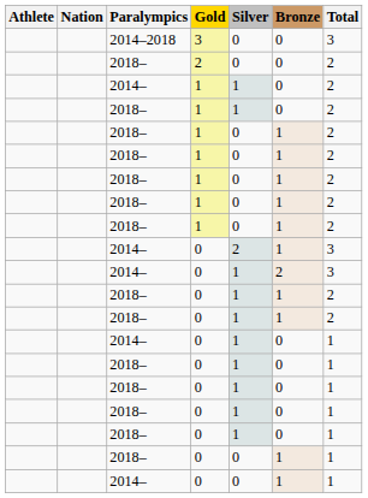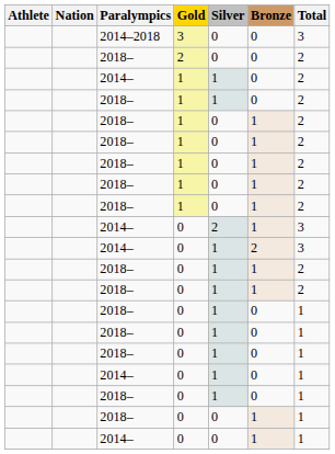 <table class="wikitable sortable">
 <tr>
 <th>Athlete</th>
 <th>Nation</th>
 <th>Paralympics</th>
 <th style="background-color: gold">Gold</th>
 <th style="background-color: silver">Silver</th>
 <th style="background-color: #cc9966">Bronze</th>
 <th>Total</th>
 </tr>
 <tr>
 <td></td>
 <td></td>
 <td>2014–2018</td>
 <td style="background-color: #f7f6a8;">3</td>
 <td>0</td>
 <td>0</td>
 <td>3</td>
 </tr>
 <tr>
 <td></td>
 <td></td>
 <td>2018–</td>
 <td style="background-color: #f7f6a8;">2</td>
 <td>0</td>
 <td>0</td>
 <td>2</td>
 </tr>
 <tr>
 <td></td>
 <td></td>
 <td>2014–</td>
 <td style="background-color: #f7f6a8;">1</td>
 <td style="background-color: #dce5e5;">1</td>
 <td>0</td>
 <td>2</td>
 </tr>
 <tr>
 <td></td>
 <td></td>
 <td>2018–</td>
 <td style="background-color: #f7f6a8;">1</td>
 <td style="background-color: #dce5e5;">1</td>
 <td>0</td>
 <td>2</td>
 </tr>
 <tr>
 <td></td>
 <td></td>
 <td>2018–</td>
 <td style="background-color: #f7f6a8;">1</td>
 <td>0</td>
 <td style="background-color: #f3e9df;">1</td>
 <td>2</td>
 </tr>
 <tr>
 <td></td>
 <td></td>
 <td>2018–</td>
 <td style="background-color: #f7f6a8;">1</td>
 <td>0</td>
 <td style="background-color: #f3e9df;">1</td>
 <td>2</td>
 </tr>
 <tr>
 <td></td>
 <td></td>
 <td>2018–</td>
 <td style="background-color: #f7f6a8;">1</td>
 <td>0</td>
 <td style="background-color: #f3e9df;">1</td>
 <td>2</td>
 </tr>
 <tr>
 <td></td>
 <td></td>
 <td>2018–</td>
 <td style="background-color: #f7f6a8;">1</td>
 <td>0</td>
 <td style="background-color: #f3e9df;">1</td>
 <td>2</td>
 </tr>
 <tr>
 <td></td>
 <td></td>
 <td>2018–</td>
 <td style="background-color: #f7f6a8;">1</td>
 <td>0</td>
 <td style="background-color: #f3e9df;">1</td>
 <td>2</td>
 </tr>
 <tr>
 <td></td>
 <td></td>
 <td>2014–</td>
 <td>0</td>
 <td style="background-color: #dce5e5;">2</td>
 <td style="background-color: #f3e9df;">1</td>
 <td>3</td>
 </tr>
 <tr>
 <td></td>
 <td></td>
 <td>2014–</td>
 <td>0</td>
 <td style="background-color: #dce5e5;">1</td>
 <td style="background-color: #f3e9df;">2</td>
 <td>3</td>
 </tr>
 <tr>
 <td></td>
 <td></td>
 <td>2018–</td>
 <td>0</td>
 <td style="background-color: #dce5e5;">1</td>
 <td style="background-color: #f3e9df;">1</td>
 <td>2</td>
 </tr>
 <tr>
 <td></td>
 <td></td>
 <td>2018–</td>
 <td>0</td>
 <td style="background-color: #dce5e5;">1</td>
 <td style="background-color: #f3e9df;">1</td>
 <td>2</td>
 </tr>
 <tr>
 <td></td>
 <td></td>
-<td>2014–</td>
+<td>2018–</td>
 <td>0</td>
 <td style="background-color: #dce5e5;">1</td>
 <td>0</td>
 <td>1</td>
 </tr>
 <tr>
 <td></td>
 <td></td>
 <td>2018–</td>
 <td>0</td>
 <td style="background-color: #dce5e5;">1</td>
 <td>0</td>
 <td>1</td>
 </tr>
 <tr>
 <td></td>
 <td></td>
 <td>2018–</td>
 <td>0</td>
 <td style="background-color: #dce5e5;">1</td>
 <td>0</td>
 <td>1</td>
 </tr>
 <tr>
 <td></td>
 <td></td>
-<td>2018–</td>
+<td>2014–</td>
 <td>0</td>
 <td style="background-color: #dce5e5;">1</td>
 <td>0</td>
 <td>1</td>
 </tr>
 <tr>
 <td></td>
 <td></td>
 <td>2018–</td>
 <td>0</td>
 <td style="background-color: #dce5e5;">1</td>
 <td>0</td>
 <td>1</td>
 </tr>
 <tr>
 <td></td>
 <td></td>
 <td>2018–</td>
 <td>0</td>
 <td>0</td>
 <td style="background-color: #f3e9df;">1</td>
 <td>1</td>
 </tr>
 <tr>
 <td></td>
 <td></td>
 <td>2014–</td>
 <td>0</td>
 <td>0</td>
 <td style="background-color: #f3e9df;">1</td>
 <td>1</td>
 </tr>
 </table>
